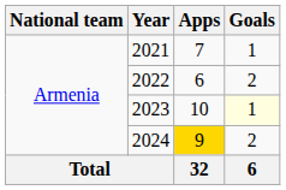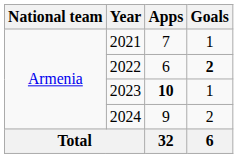 <table class="wikitable" style="text-align:center">
 <tr>
 <th>National team</th>
 <th>Year</th>
 <th>Apps</th>
 <th>Goals</th>
 </tr>
 <tr>
 <td rowspan="4"><a href='#'>Armenia</a></td>
 <td>2021</td>
 <td>7</td>
 <td>1</td>
 </tr>
 <tr>
 <td>2022</td>
 <td>6</td>
-<td>2</td>
+<td><strong>2</strong></td>
 </tr>
 <tr>
 <td>2023</td>
-<td>10</td>
-<td style="background: lightyellow;">1</td>
+<td><strong>10</strong></td>
+<td>1</td>
 </tr>
 <tr>
 <td>2024</td>
-<td style="background: gold;">9</td>
+<td>9</td>
 <td>2</td>
 </tr>
 <tr>
 <th colspan="2">Total</th>
 <th>32</th>
 <th>6</th>
 </tr>
 </table>
